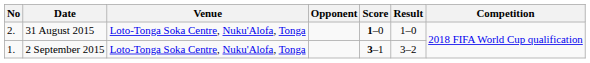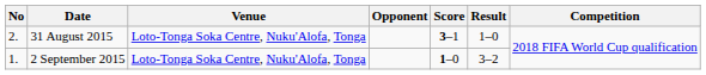 <table class="wikitable" style="font-size:85%;">
 <tr>
 <th>No</th>
 <th>Date</th>
 <th>Venue</th>
 <th>Opponent</th>
 <th>Score</th>
 <th>Result</th>
 <th>Competition</th>
 </tr>
 <tr>
 <td>2.</td>
 <td>31 August 2015</td>
 <td><a href='#'>Loto-Tonga Soka Centre</a>, <a href='#'>Nuku'Alofa</a>, <a href='#'>Tonga</a></td>
 <td></td>
-<td align=center><strong>1</strong>–0</td>
+<td align=center><strong>3</strong>–1</td>
 <td align=center>1–0</td>
 <td rowspan=2><a href='#'>2018 FIFA World Cup qualification</a></td>
 </tr>
 <tr>
 <td>1.</td>
 <td>2 September 2015</td>
 <td><a href='#'>Loto-Tonga Soka Centre</a>, <a href='#'>Nuku'Alofa</a>, <a href='#'>Tonga</a></td>
 <td></td>
-<td align=center><strong>3</strong>–1</td>
+<td align=center><strong>1</strong>–0</td>
 <td align=center>3–2</td>
 </tr>
 </table>
